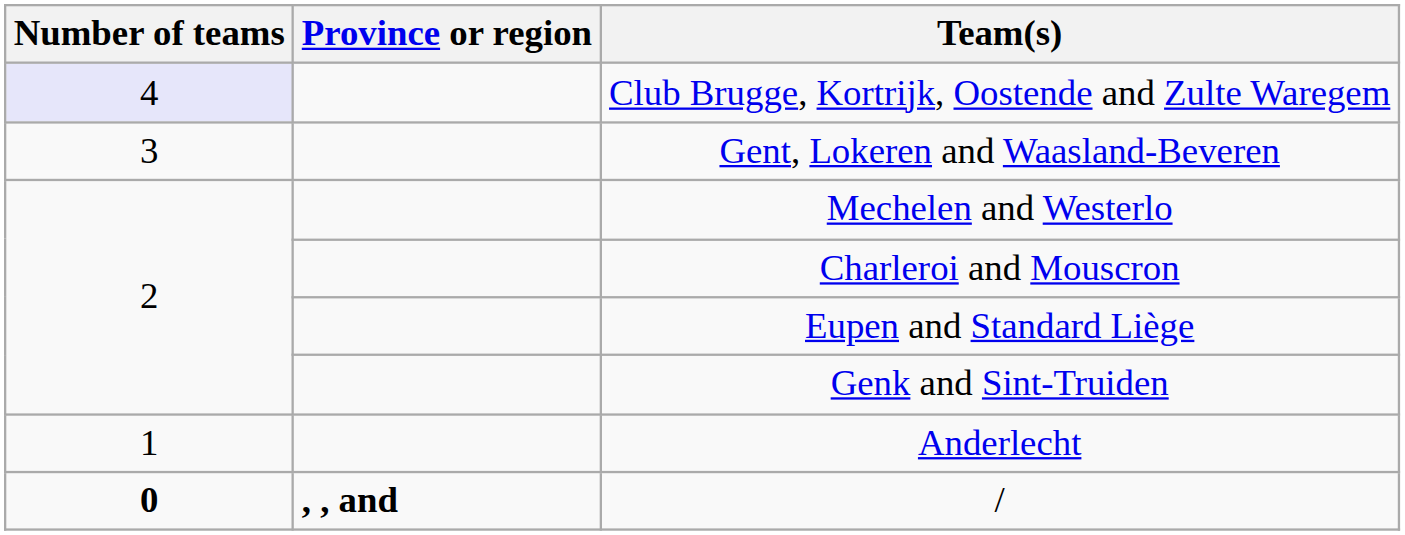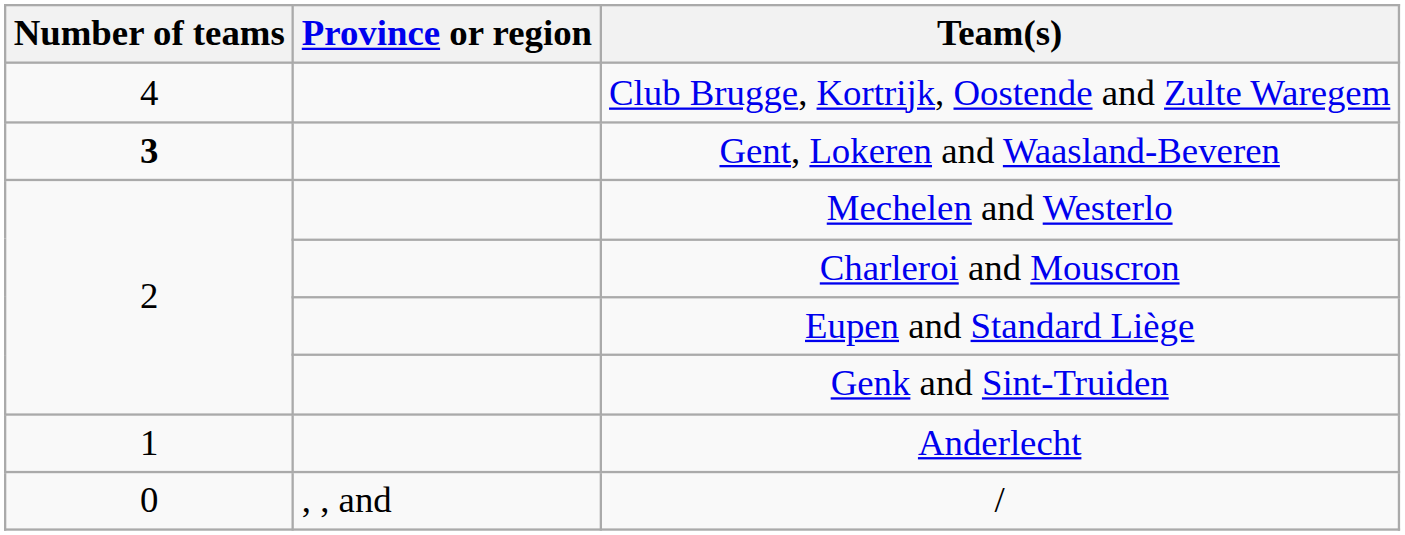 <table class="wikitable" style="text-align:center">
 <tr>
 <th>Number of teams</th>
 <th><a href='#'>Province</a> or region</th>
 <th>Team(s)</th>
 </tr>
 <tr>
-<td style="background: lavender;">4</td>
+<td>4</td>
 <td align="left"></td>
 <td><a href='#'>Club Brugge</a>, <a href='#'>Kortrijk</a>, <a href='#'>Oostende</a> and <a href='#'>Zulte Waregem</a></td>
 </tr>
 <tr>
-<td>3</td>
+<td><strong>3</strong></td>
 <td align="left"></td>
 <td><a href='#'>Gent</a>, <a href='#'>Lokeren</a> and <a href='#'>Waasland-Beveren</a></td>
 </tr>
 <tr>
 <td rowspan="4">2</td>
 <td align="left"></td>
 <td><a href='#'>Mechelen</a> and <a href='#'>Westerlo</a></td>
 </tr>
 <tr>
 <td align="left"></td>
 <td><a href='#'>Charleroi</a> and <a href='#'>Mouscron</a></td>
 </tr>
 <tr>
 <td align="left"></td>
 <td><a href='#'>Eupen</a> and <a href='#'>Standard Liège</a></td>
 </tr>
 <tr>
 <td align="left"></td>
 <td><a href='#'>Genk</a> and <a href='#'>Sint-Truiden</a></td>
 </tr>
 <tr>
 <td>1</td>
 <td align="left"></td>
 <td><a href='#'>Anderlecht</a></td>
 </tr>
 <tr>
-<td><strong>0</strong></td>
-<td align="left"><strong>, ,  and </strong></td>
+<td>0</td>
+<td align="left">, ,  and </td>
 <td>/</td>
 </tr>
 </table>
